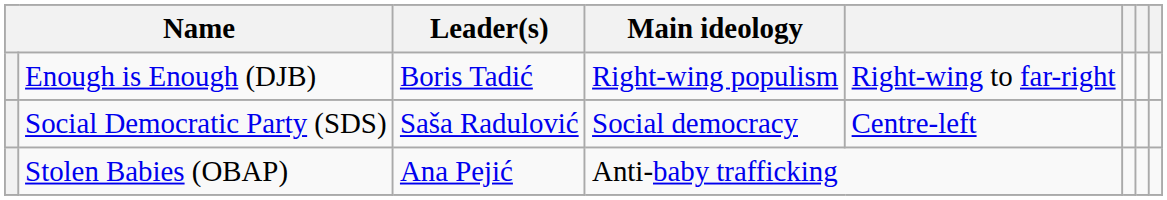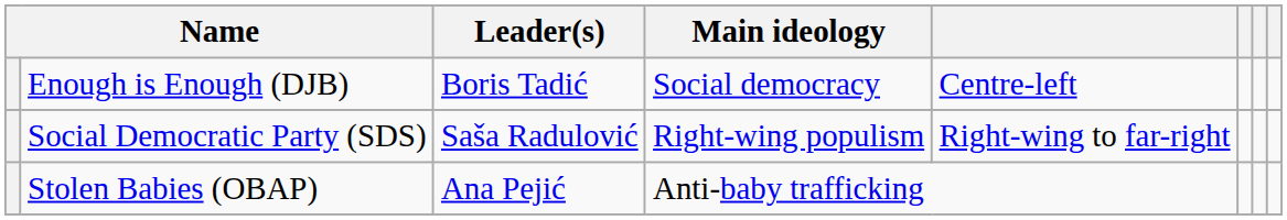 <table class="wikitable" style="text-align; font-size: 95%">
 <tr>
 <th colspan="2">Name</th>
 <th>Leader(s)</th>
 <th>Main ideology</th>
 <th></th>
 <th></th>
 <th></th>
 <th></th>
 </tr>
 <tr>
 <th style="background-color:"></th>
 <td><a href='#'>Enough is Enough</a> (DJB)</td>
 <td><a href='#'>Boris Tadić</a></td>
-<td><a href='#'>Right-wing populism</a></td>
-<td><a href='#'>Right-wing</a> to <a href='#'>far-right</a></td>
+<td><a href='#'>Social democracy</a></td>
+<td><a href='#'>Centre-left</a></td>
 <td></td>
 <td></td>
 <td></td>
 </tr>
 <tr>
 <th style="background-color:"></th>
 <td><a href='#'>Social Democratic Party</a> (SDS)</td>
 <td><a href='#'>Saša Radulović</a></td>
-<td><a href='#'>Social democracy</a></td>
-<td><a href='#'>Centre-left</a></td>
+<td><a href='#'>Right-wing populism</a></td>
+<td><a href='#'>Right-wing</a> to <a href='#'>far-right</a></td>
 <td></td>
 <td></td>
 <td></td>
 </tr>
 <tr>
 <th style="background-color:"></th>
 <td><a href='#'>Stolen Babies</a> (OBAP)</td>
 <td><a href='#'>Ana Pejić</a></td>
 <td colspan="2">Anti-<a href='#'>baby trafficking</a></td>
 <td></td>
 <td></td>
 <td></td>
 </tr>
 </table>
